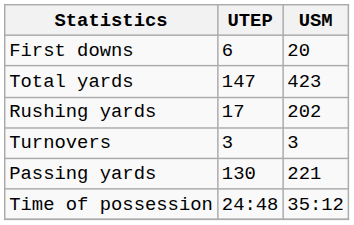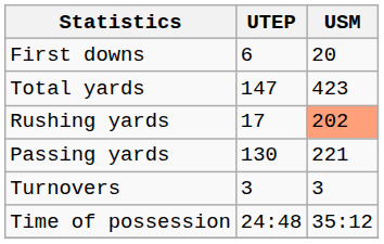 <table class="wikitable">
 <tr>
 <th>Statistics</th>
 <th>UTEP</th>
 <th>USM</th>
 </tr>
 <tr>
 <td>First downs</td>
 <td>6</td>
 <td>20</td>
 </tr>
 <tr>
 <td>Total yards</td>
 <td>147</td>
 <td>423</td>
 </tr>
 <tr>
 <td>Rushing yards</td>
 <td>17</td>
-<td>202</td>
+<td style="background: lightsalmon;">202</td>
+</tr>
+<tr>
+<td>Passing yards</td>
+<td>130</td>
+<td>221</td>
 </tr>
 <tr>
 <td>Turnovers</td>
 <td>3</td>
 <td>3</td>
-</tr>
-<tr>
-<td>Passing yards</td>
-<td>130</td>
-<td>221</td>
 </tr>
 <tr>
 <td>Time of possession</td>
 <td>24:48</td>
 <td>35:12</td>
 </tr>
 <tr>
 </tr>
 </table>
